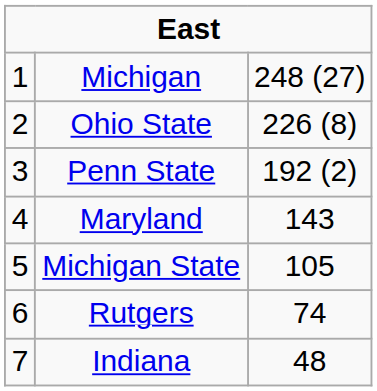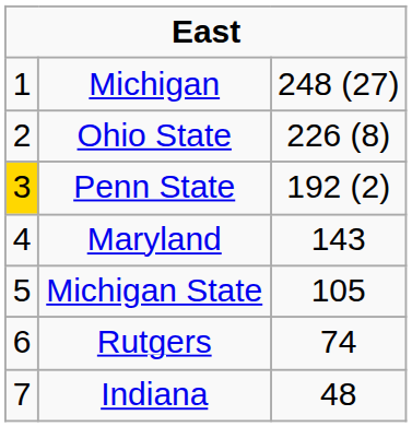 <table class="wikitable" style="display: inline-table;">
 <tr align="center">
 <td align="center" Colspan="3"><strong>East</strong><br></td>
 </tr>
 <tr align="center">
 <td>1</td>
 <td><a href='#'>Michigan</a></td>
 <td>248 (27)</td>
 </tr>
 <tr align="center">
 <td>2</td>
 <td><a href='#'>Ohio State</a></td>
 <td>226 (8)</td>
 </tr>
 <tr align="center">
-<td>3</td>
+<td style="background: gold;">3</td>
 <td><a href='#'>Penn State</a></td>
 <td>192 (2)</td>
 </tr>
 <tr align="center">
 <td>4</td>
 <td><a href='#'>Maryland</a></td>
 <td>143</td>
 </tr>
 <tr align="center">
 <td>5</td>
 <td><a href='#'>Michigan State</a></td>
 <td>105</td>
 </tr>
 <tr align="center">
 <td>6</td>
 <td><a href='#'>Rutgers</a></td>
 <td>74</td>
 </tr>
 <tr align="center">
 <td>7</td>
 <td><a href='#'>Indiana</a></td>
 <td>48</td>
 </tr>
 </table>
